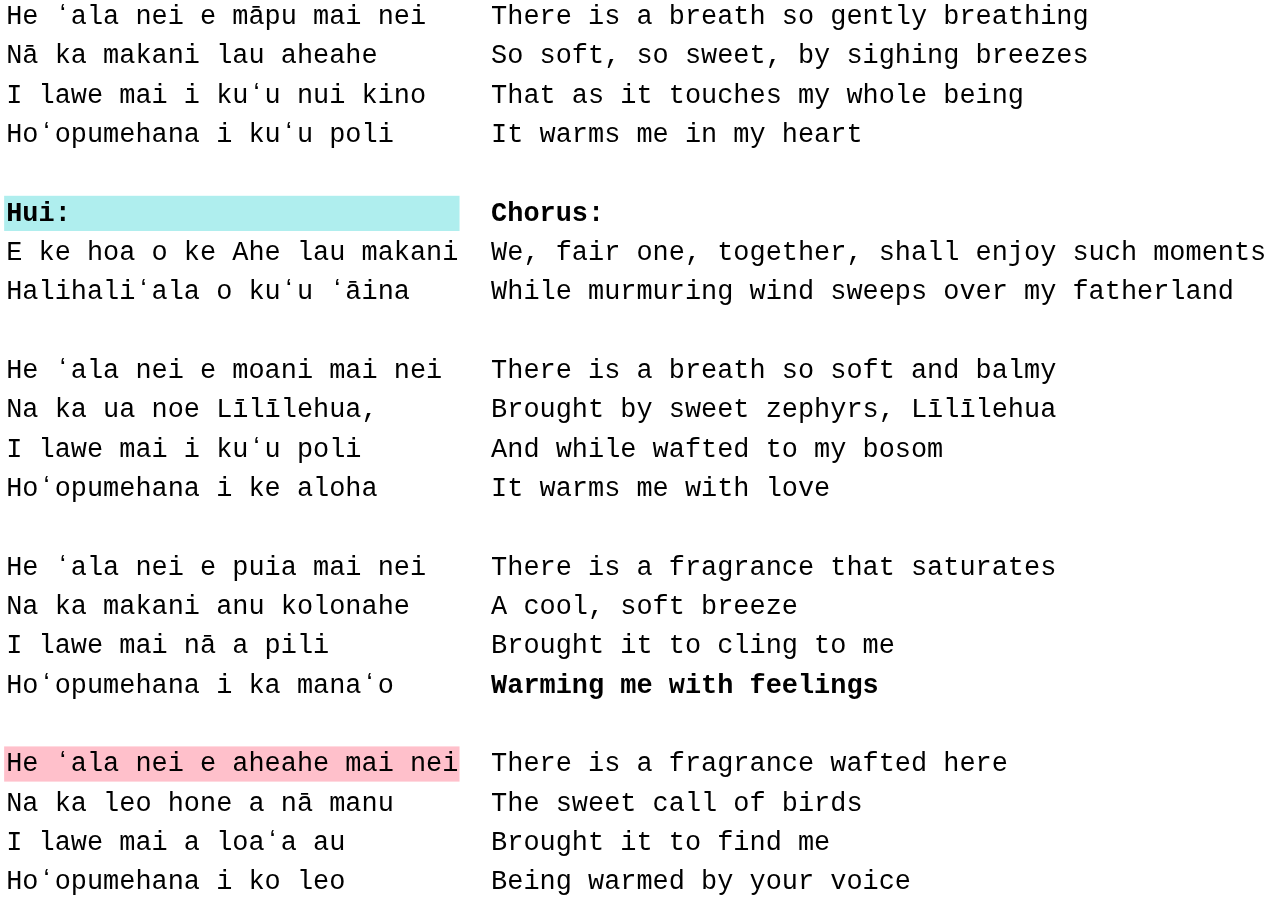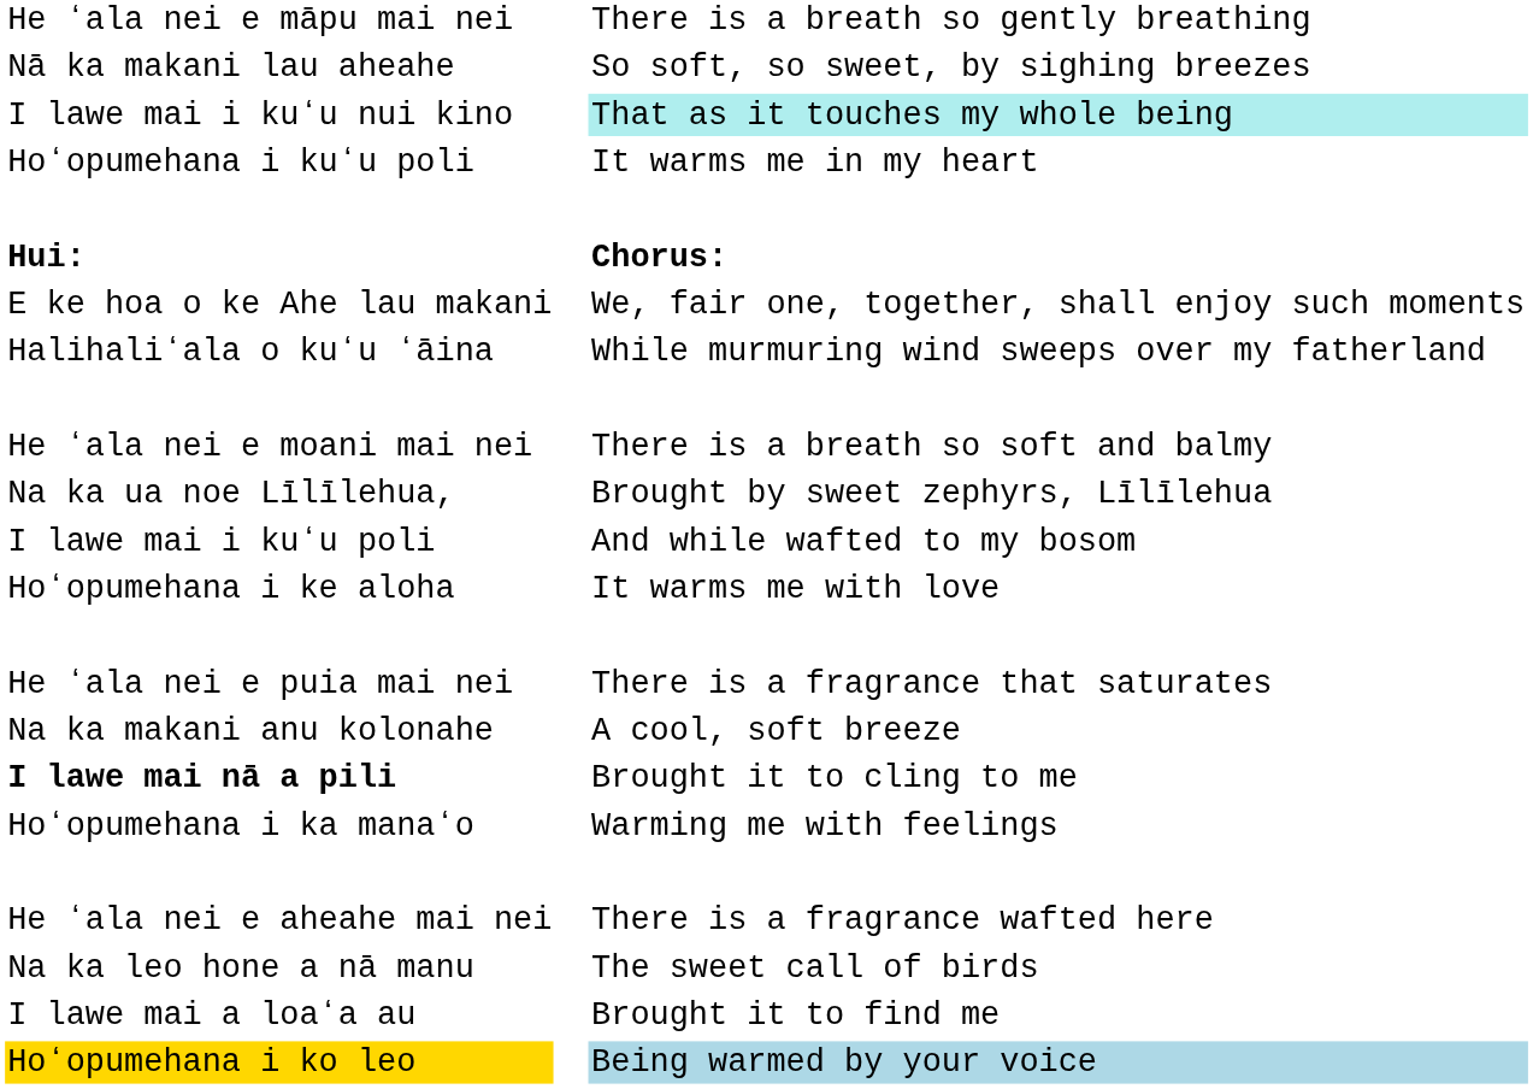 <table>
 <tr>
 <td>He ʻala nei e māpu mai nei</td>
 <td rowspan=99> </td>
 <td>There is a breath so gently breathing</td>
 </tr>
 <tr>
 <td>Nā ka makani lau aheahe</td>
 <td>So soft, so sweet, by sighing breezes</td>
 </tr>
 <tr>
 <td>I lawe mai i kuʻu nui kino</td>
-<td>That as it touches my whole being</td>
+<td style="background: paleturquoise;">That as it touches my whole being</td>
 </tr>
 <tr>
 <td>Hoʻopumehana i kuʻu poli</td>
 <td>It warms me in my heart</td>
 </tr>
 <tr>
 <td> </td>
 <td> </td>
 </tr>
 <tr>
-<td style="background: paleturquoise;"><strong>Hui:</strong></td>
+<td><strong>Hui:</strong></td>
 <td><strong>Chorus:</strong></td>
 </tr>
 <tr>
 <td>E ke hoa o ke Ahe lau makani</td>
 <td>We, fair one, together, shall enjoy such moments</td>
 </tr>
 <tr>
 <td>Halihaliʻala o kuʻu ʻāina</td>
 <td>While murmuring wind sweeps over my fatherland</td>
 </tr>
 <tr>
 <td> </td>
 <td> </td>
 </tr>
 <tr>
 <td>He ʻala nei e moani mai nei</td>
 <td>There is a breath so soft and balmy</td>
 </tr>
 <tr>
 <td>Na ka ua noe Līlīlehua,</td>
 <td>Brought by sweet zephyrs, Līlīlehua</td>
 </tr>
 <tr>
 <td>I lawe mai i kuʻu poli</td>
 <td>And while wafted to my bosom</td>
 </tr>
 <tr>
 <td>Hoʻopumehana i ke aloha</td>
 <td>It warms me with love</td>
 </tr>
 <tr>
 <td> </td>
 <td> </td>
 </tr>
 <tr>
 <td>He ʻala nei e puia mai nei</td>
 <td>There is a fragrance that saturates</td>
 </tr>
 <tr>
 <td>Na ka makani anu kolonahe</td>
 <td>A cool, soft breeze</td>
 </tr>
 <tr>
-<td>I lawe mai nā a pili</td>
+<td><strong>I lawe mai nā a pili</strong></td>
 <td>Brought it to cling to me</td>
 </tr>
 <tr>
 <td>Hoʻopumehana i ka manaʻo</td>
-<td><strong>Warming me with feelings</strong></td>
+<td>Warming me with feelings</td>
 </tr>
 <tr>
 <td> </td>
 <td> </td>
 </tr>
 <tr>
-<td style="background: pink;">He ʻala nei e aheahe mai nei</td>
+<td>He ʻala nei e aheahe mai nei</td>
 <td>There is a fragrance wafted here</td>
 </tr>
 <tr>
 <td>Na ka leo hone a nā manu</td>
 <td>The sweet call of birds</td>
 </tr>
 <tr>
 <td>I lawe mai a loaʻa au</td>
 <td>Brought it to find me</td>
 </tr>
 <tr>
-<td>Hoʻopumehana i ko leo</td>
-<td>Being warmed by your voice</td>
+<td style="background: gold;">Hoʻopumehana i ko leo</td>
+<td style="background: lightblue;">Being warmed by your voice</td>
 </tr>
 </table>
